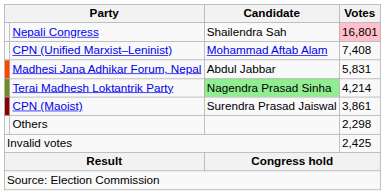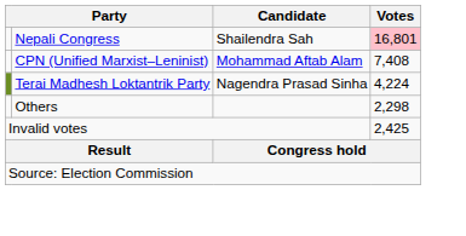 <table class="wikitable">
 <tr>
 <th colspan="2">Party</th>
 <th>Candidate</th>
 <th>Votes</th>
 </tr>
 <tr>
 <td style="background-color:"></td>
 <td><a href='#'>Nepali Congress</a></td>
 <td>Shailendra Sah</td>
 <td style="background: pink;">16,801</td>
 </tr>
 <tr>
 <td style="background-color:"></td>
 <td><a href='#'>CPN (Unified Marxist–Leninist)</a></td>
 <td><a href='#'>Mohammad Aftab Alam</a></td>
 <td>7,408</td>
 </tr>
 <tr>
-<td style="background-color:orangered"></td>
-<td><a href='#'>Madhesi Jana Adhikar Forum, Nepal</a></td>
-<td>Abdul Jabbar</td>
-<td>5,831</td>
-</tr>
-<tr>
 <td style="background-color:olivedrab"></td>
 <td><a href='#'>Terai Madhesh Loktantrik Party</a></td>
-<td style="background: lightgreen;">Nagendra Prasad Sinha</td>
-<td>4,214</td>
-</tr>
-<tr>
-<td style="background-color:darkred"></td>
-<td><a href='#'>CPN (Maoist)</a></td>
-<td>Surendra Prasad Jaiswal</td>
-<td>3,861</td>
+<td>Nagendra Prasad Sinha</td>
+<td>4,224</td>
 </tr>
 <tr>
 <td></td>
 <td>Others</td>
 <td></td>
 <td>2,298</td>
 </tr>
 <tr>
 <td colspan="3">Invalid votes</td>
 <td>2,425</td>
 </tr>
 <tr>
 <th colspan="2">Result</th>
 <th colspan="2">Congress hold</th>
 </tr>
 <tr>
 <td colspan="4">Source: Election Commission</td>
 </tr>
 </table>
